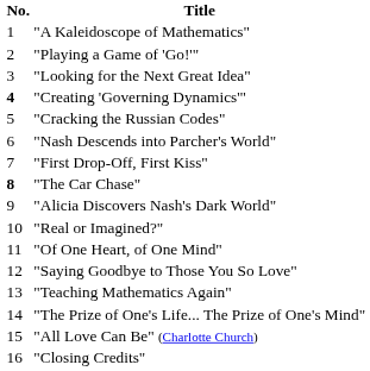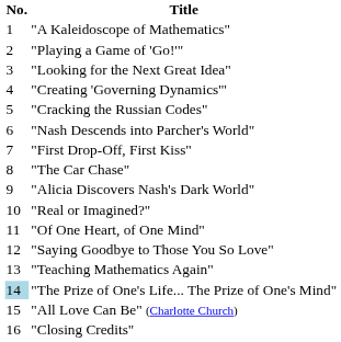 <table class="tracklist">
 <tr>
 <th>No.</th>
 <th>Title</th>
 </tr>
 <tr>
 <td>1</td>
 <td>"A Kaleidoscope of Mathematics"</td>
 </tr>
 <tr>
 <td>2</td>
 <td>"Playing a Game of 'Go!'"</td>
 </tr>
 <tr>
 <td>3</td>
 <td>"Looking for the Next Great Idea"</td>
 </tr>
 <tr>
-<td><strong>4</strong></td>
+<td>4</td>
 <td>"Creating 'Governing Dynamics'"</td>
 </tr>
 <tr>
 <td>5</td>
 <td>"Cracking the Russian Codes"</td>
 </tr>
 <tr>
 <td>6</td>
 <td>"Nash Descends into Parcher's World"</td>
 </tr>
 <tr>
 <td>7</td>
 <td>"First Drop-Off, First Kiss"</td>
 </tr>
 <tr>
-<td><strong>8</strong></td>
+<td>8</td>
 <td>"The Car Chase"</td>
 </tr>
 <tr>
 <td>9</td>
 <td>"Alicia Discovers Nash's Dark World"</td>
 </tr>
 <tr>
 <td>10</td>
 <td>"Real or Imagined?"</td>
 </tr>
 <tr>
 <td>11</td>
 <td>"Of One Heart, of One Mind"</td>
 </tr>
 <tr>
 <td>12</td>
 <td>"Saying Goodbye to Those You So Love"</td>
 </tr>
 <tr>
 <td>13</td>
 <td>"Teaching Mathematics Again"</td>
 </tr>
 <tr>
-<td>14</td>
+<td style="background: lightblue;">14</td>
 <td>"The Prize of One's Life... The Prize of One's Mind"</td>
 </tr>
 <tr>
 <td>15</td>
 <td>"All Love Can Be" <small>(<a href='#'>Charlotte Church</a>)</small></td>
 </tr>
 <tr>
 <td>16</td>
 <td>"Closing Credits"</td>
 </tr>
 <tr>
 </tr>
 </table>
